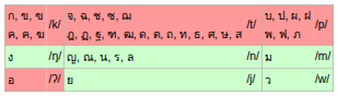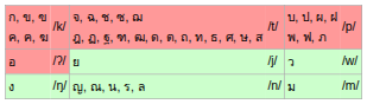 <table class="wikitable">
 <tr>
 <td style="border-right: none; background: #f99">ก, ข, ฃ<br>ค, ฅ, ฆ</td>
 <td style="border-left: none; background: #f99">/k/</td>
 <td style="border-right: none; background: #f99">จ, ฉ, ช, ซ, ฌ<br>ฎ, ฏ, ฐ, ฑ, ฒ, ด, ต, ถ, ท, ธ, ศ, ษ, ส</td>
 <td style="border-left: none; background: #f99">/t/</td>
 <td style="border-right: none; background: #f99">บ, ป, ผ, ฝ<br>พ, ฟ, ภ</td>
 <td style="border-left: none; background: #f99">/p/</td>
 </tr>
 <tr>
+<td style="border-right: none; background: #f99">อ</td>
+<td style="border-left: none; background: #f99">/ʔ/</td>
+<td style="border-right: none; background: #cfc">ย</td>
+<td style="border-left: none; background: #cfc">/j/</td>
+<td style="border-right: none; background: #cfc">ว</td>
+<td style="border-left: none; background: #cfc">/w/</td>
+</tr>
+<tr>
 <td style="border-right: none; background: #cfc">ง</td>
 <td style="border-left: none; background: #cfc">/ŋ/</td>
 <td style="border-right: none; background: #cfc">ญ, ณ, น, ร, ล</td>
 <td style="border-left: none; background: #cfc">/n/</td>
 <td style="border-right: none; background: #cfc">ม</td>
 <td style="border-left: none; background: #cfc">/m/</td>
 </tr>
-<tr>
-<td style="border-right: none; background: #f99">อ</td>
-<td style="border-left: none; background: #f99">/ʔ/</td>
-<td style="border-right: none; background: #cfc">ย</td>
-<td style="border-left: none; background: #cfc">/j/</td>
-<td style="border-right: none; background: #cfc">ว</td>
-<td style="border-left: none; background: #cfc">/w/</td>
-</tr>
 </table>
